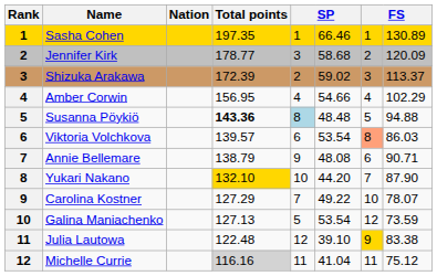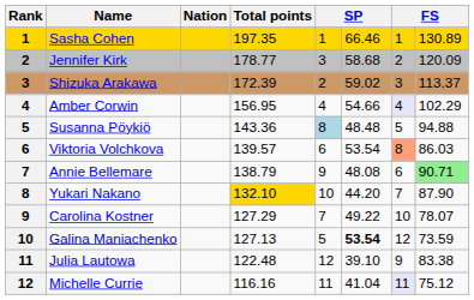 <table class="wikitable">
 <tr>
 <th>Rank</th>
 <th>Name</th>
 <th>Nation</th>
 <th>Total points</th>
 <th colspan="2" width="80px"><a href='#'>SP</a></th>
 <th colspan="2" width="80px"><a href='#'>FS</a></th>
 </tr>
 <tr bgcolor="gold">
 <td align="center"><strong>1</strong></td>
 <td><a href='#'>Sasha Cohen</a></td>
 <td></td>
 <td>197.35</td>
 <td>1</td>
 <td>66.46</td>
 <td>1</td>
 <td>130.89</td>
 </tr>
 <tr bgcolor="silver">
 <td align="center"><strong>2</strong></td>
 <td><a href='#'>Jennifer Kirk</a></td>
 <td></td>
 <td>178.77</td>
 <td>3</td>
 <td>58.68</td>
 <td>2</td>
 <td>120.09</td>
 </tr>
 <tr bgcolor="cc9966">
 <td align="center"><strong>3</strong></td>
 <td><a href='#'>Shizuka Arakawa</a></td>
 <td></td>
 <td>172.39</td>
 <td>2</td>
 <td>59.02</td>
 <td>3</td>
 <td>113.37</td>
 </tr>
 <tr>
 <th>4</th>
 <td><a href='#'>Amber Corwin</a></td>
 <td></td>
 <td>156.95</td>
 <td>4</td>
 <td>54.66</td>
-<td>4</td>
+<td style="background: lavender;">4</td>
 <td>102.29</td>
 </tr>
 <tr>
 <th>5</th>
 <td><a href='#'>Susanna Pöykiö</a></td>
 <td></td>
-<td><strong>143.36</strong></td>
+<td>143.36</td>
 <td style="background: lightblue;">8</td>
 <td>48.48</td>
 <td>5</td>
 <td>94.88</td>
 </tr>
 <tr>
 <th>6</th>
 <td><a href='#'>Viktoria Volchkova</a></td>
 <td></td>
 <td>139.57</td>
 <td>6</td>
 <td>53.54</td>
 <td style="background: lightsalmon;">8</td>
 <td>86.03</td>
 </tr>
 <tr>
 <th>7</th>
 <td><a href='#'>Annie Bellemare</a></td>
 <td></td>
 <td>138.79</td>
 <td>9</td>
 <td>48.08</td>
 <td>6</td>
-<td>90.71</td>
+<td style="background: lightgreen;">90.71</td>
 </tr>
 <tr>
 <th>8</th>
 <td><a href='#'>Yukari Nakano</a></td>
 <td></td>
 <td style="background: gold;">132.10</td>
 <td>10</td>
 <td>44.20</td>
 <td>7</td>
 <td>87.90</td>
 </tr>
 <tr>
 <th>9</th>
 <td><a href='#'>Carolina Kostner</a></td>
 <td></td>
 <td>127.29</td>
 <td>7</td>
 <td>49.22</td>
 <td>10</td>
 <td>78.07</td>
 </tr>
 <tr>
 <th>10</th>
 <td><a href='#'>Galina Maniachenko</a></td>
 <td></td>
 <td>127.13</td>
 <td>5</td>
-<td>53.54</td>
+<td><strong>53.54</strong></td>
 <td>12</td>
 <td>73.59</td>
 </tr>
 <tr>
 <th>11</th>
 <td><a href='#'>Julia Lautowa</a></td>
 <td></td>
 <td>122.48</td>
 <td>12</td>
 <td>39.10</td>
-<td style="background: gold;">9</td>
+<td>9</td>
 <td>83.38</td>
 </tr>
 <tr>
 <th>12</th>
 <td><a href='#'>Michelle Currie</a></td>
 <td></td>
-<td style="background: lightgrey;">116.16</td>
+<td>116.16</td>
 <td>11</td>
 <td>41.04</td>
-<td>11</td>
+<td style="background: lavender;">11</td>
 <td>75.12</td>
 </tr>
 </table>
